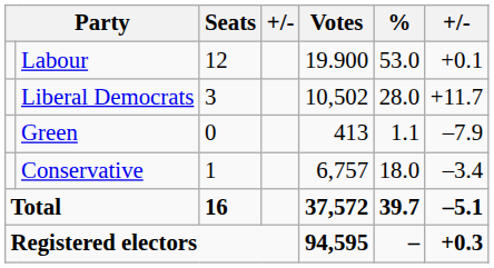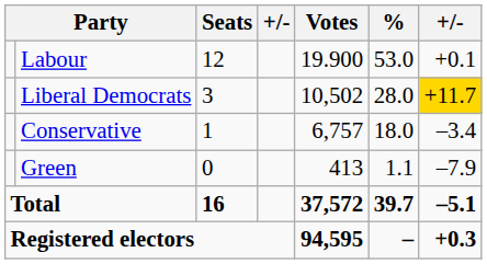 <table class="wikitable sortable">
 <tr>
 <th colspan="2">Party</th>
 <th>Seats</th>
 <th>+/-</th>
 <th>Votes</th>
 <th>%</th>
 <th>+/-</th>
 </tr>
 <tr>
 <td style="background-color: "></td>
 <td><a href='#'>Labour</a></td>
 <td>12</td>
 <td></td>
 <td style="text-align:right;">19.900</td>
 <td style="text-align:right;">53.0</td>
 <td style="text-align:right;">+0.1</td>
 </tr>
 <tr>
 <td style="background-color: "></td>
 <td><a href='#'>Liberal Democrats</a></td>
 <td>3</td>
 <td></td>
 <td style="text-align:right;">10,502</td>
 <td style="text-align:right;">28.0</td>
-<td style="text-align:right;">+11.7</td>
+<td style="background: gold; text-align:right;">+11.7</td>
+</tr>
+<tr>
+<td style="background-color: "></td>
+<td><a href='#'>Conservative</a></td>
+<td>1</td>
+<td></td>
+<td style="text-align:right;">6,757</td>
+<td style="text-align:right;">18.0</td>
+<td style="text-align:right;">–3.4</td>
 </tr>
 <tr>
 <td style="background-color: "></td>
 <td><a href='#'>Green</a></td>
 <td>0</td>
 <td></td>
 <td style="text-align:right;">413</td>
 <td style="text-align:right;">1.1</td>
 <td style="text-align:right;">–7.9</td>
-</tr>
-<tr>
-<td style="background-color: "></td>
-<td><a href='#'>Conservative</a></td>
-<td>1</td>
-<td></td>
-<td style="text-align:right;">6,757</td>
-<td style="text-align:right;">18.0</td>
-<td style="text-align:right;">–3.4</td>
 </tr>
 <tr>
 <td colspan="2"><strong>Total</strong></td>
 <td><strong>16</strong></td>
 <td></td>
 <td style="text-align:right;"><strong>37,572</strong></td>
 <td style="text-align:right;"><strong>39.7</strong></td>
 <td style="text-align:right;"><strong>–5.1</strong></td>
 </tr>
 <tr>
 <td colspan="4"><strong>Registered electors</strong></td>
 <td style="text-align:right;"><strong>94,595</strong></td>
 <td style="text-align:right;"><strong>–</strong></td>
 <td style="text-align:right;"><strong>+0.3</strong></td>
 </tr>
 </table>
